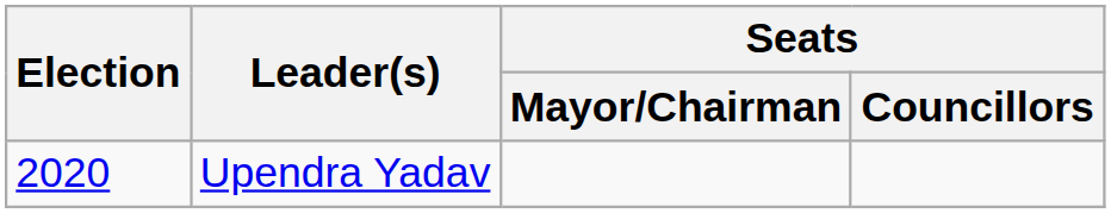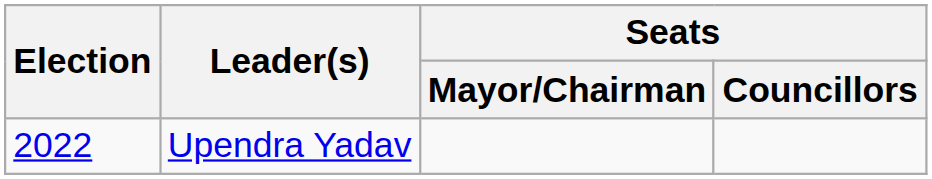 <table class="wikitable">
 <tr>
 <th rowspan="2" style="background-color:">Election</th>
 <th rowspan="2" style="background-color:">Leader(s)</th>
 <th colspan="2" style="background-color:">Seats</th>
 </tr>
 <tr>
 <th style="background-color:">Mayor/Chairman</th>
 <th style="background-color:">Councillors</th>
 </tr>
 <tr>
-<td><a href='#'>2020</a></td>
+<td><a href='#'>2022</a></td>
 <td><a href='#'>Upendra Yadav</a></td>
 <td></td>
 <td></td>
 </tr>
 </table>
